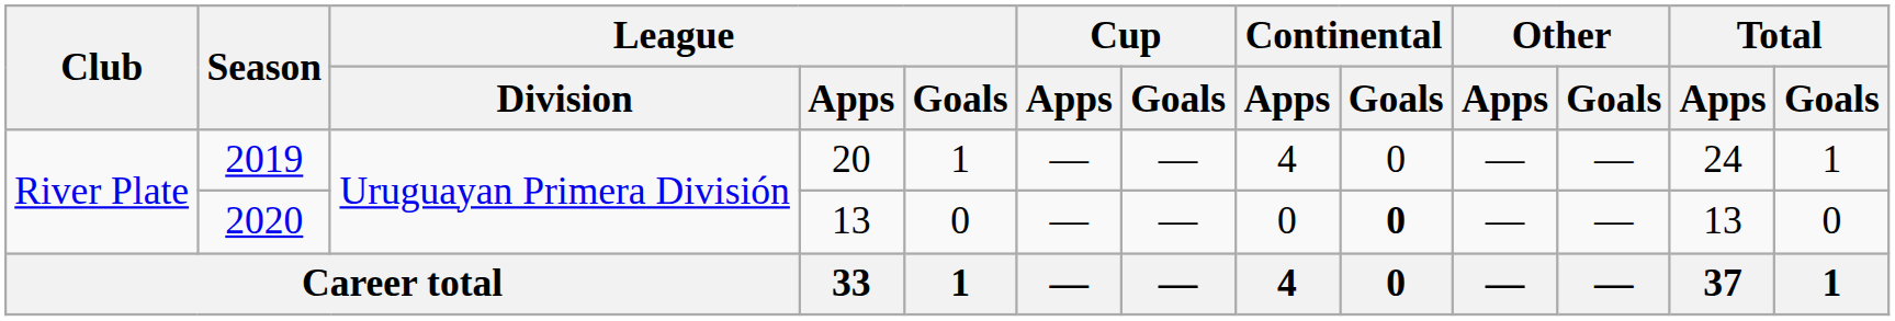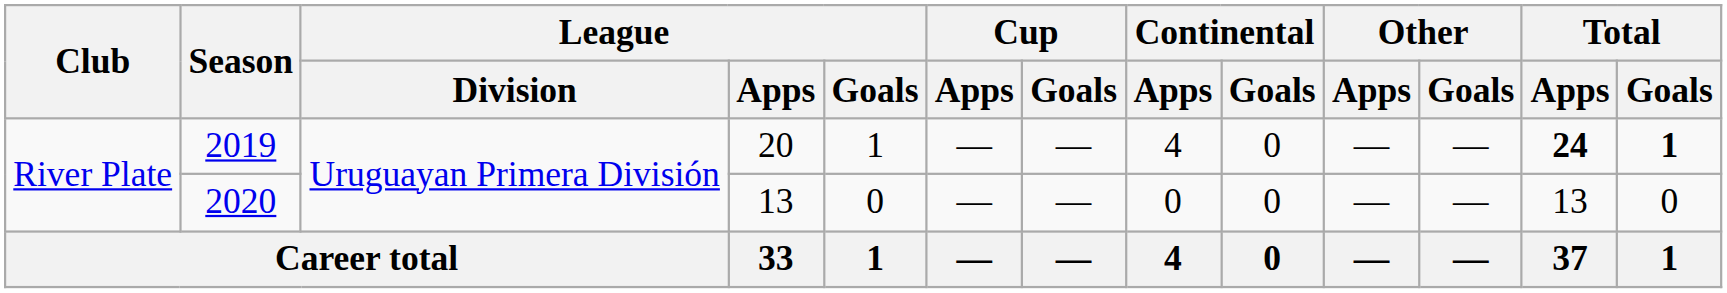 <table class=wikitable style=text-align:center>
 <tr>
 <th rowspan=2>Club</th>
 <th rowspan=2>Season</th>
 <th colspan=3>League</th>
 <th colspan=2>Cup</th>
 <th colspan=2>Continental</th>
 <th colspan=2>Other</th>
 <th colspan=2>Total</th>
 </tr>
 <tr>
 <th>Division</th>
 <th>Apps</th>
 <th>Goals</th>
 <th>Apps</th>
 <th>Goals</th>
 <th>Apps</th>
 <th>Goals</th>
 <th>Apps</th>
 <th>Goals</th>
 <th>Apps</th>
 <th>Goals</th>
 </tr>
 <tr>
 <td rowspan=2><a href='#'>River Plate</a></td>
 <td><a href='#'>2019</a></td>
 <td rowspan=2><a href='#'>Uruguayan Primera División</a></td>
 <td>20</td>
 <td>1</td>
 <td>—</td>
 <td>—</td>
 <td>4</td>
 <td>0</td>
 <td>—</td>
 <td>—</td>
-<td>24</td>
-<td>1</td>
+<td><strong>24</strong></td>
+<td><strong>1</strong></td>
 </tr>
 <tr>
 <td><a href='#'>2020</a></td>
 <td>13</td>
 <td>0</td>
 <td>—</td>
 <td>—</td>
 <td>0</td>
-<td><strong>0</strong></td>
+<td>0</td>
 <td>—</td>
 <td>—</td>
 <td>13</td>
 <td>0</td>
 </tr>
 <tr>
 <th colspan=3>Career total</th>
 <th>33</th>
 <th>1</th>
 <th>—</th>
 <th>—</th>
 <th>4</th>
 <th>0</th>
 <th>—</th>
 <th>—</th>
 <th>37</th>
 <th>1</th>
 </tr>
 </table>
